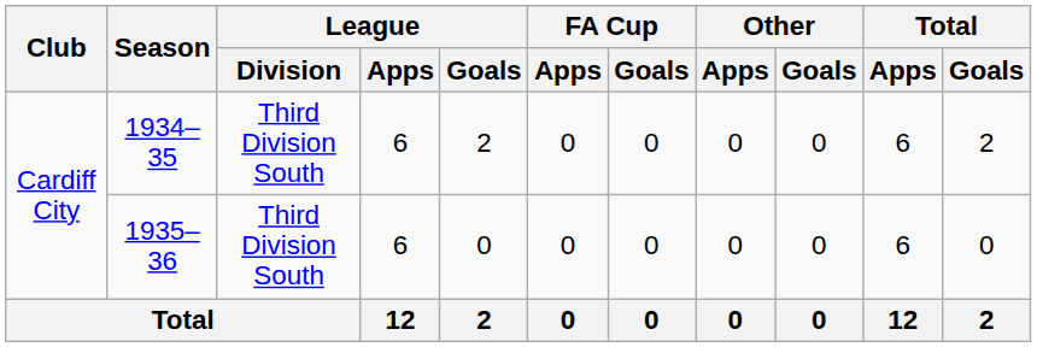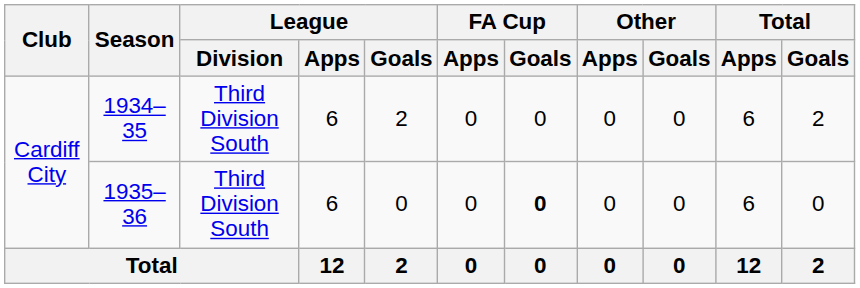 <table class="wikitable" style="text-align:center;">
 <tr>
 <th rowspan="2">Club</th>
 <th rowspan="2">Season</th>
 <th colspan="3">League</th>
 <th colspan="2">FA Cup</th>
 <th colspan="2">Other</th>
 <th colspan="2">Total</th>
 </tr>
 <tr>
 <th>Division</th>
 <th>Apps</th>
 <th>Goals</th>
 <th>Apps</th>
 <th>Goals</th>
 <th>Apps</th>
 <th>Goals</th>
 <th>Apps</th>
 <th>Goals</th>
 </tr>
 <tr>
 <td rowspan=2><a href='#'>Cardiff City</a></td>
 <td><a href='#'>1934–35</a></td>
 <td><a href='#'>Third Division South</a></td>
 <td>6</td>
 <td>2</td>
 <td>0</td>
 <td>0</td>
 <td>0</td>
 <td>0</td>
 <td>6</td>
 <td>2</td>
 </tr>
 <tr>
 <td><a href='#'>1935–36</a></td>
 <td><a href='#'>Third Division South</a></td>
 <td>6</td>
 <td>0</td>
 <td>0</td>
-<td>0</td>
+<td><strong>0</strong></td>
 <td>0</td>
 <td>0</td>
 <td>6</td>
 <td>0</td>
 </tr>
 <tr>
 <th colspan="3">Total</th>
 <th>12</th>
 <th>2</th>
 <th>0</th>
 <th>0</th>
 <th>0</th>
 <th>0</th>
 <th>12</th>
 <th>2</th>
 </tr>
 </table>
